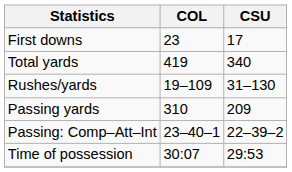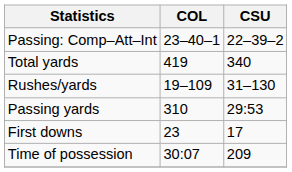 <table class="wikitable" style="float: left;">
 <tr>
 <th>Statistics</th>
 <th>COL</th>
 <th>CSU</th>
 </tr>
 <tr>
-<td>First downs</td>
-<td>23</td>
-<td>17</td>
+<td>Passing: Comp–Att–Int</td>
+<td>23–40–1</td>
+<td>22–39–2</td>
 </tr>
 <tr>
 <td>Total yards</td>
 <td>419</td>
 <td>340</td>
 </tr>
 <tr>
 <td>Rushes/yards</td>
 <td>19–109</td>
 <td>31–130</td>
 </tr>
 <tr>
 <td>Passing yards</td>
 <td>310</td>
-<td>209</td>
+<td>29:53</td>
 </tr>
 <tr>
-<td>Passing: Comp–Att–Int</td>
-<td>23–40–1</td>
-<td>22–39–2</td>
+<td>First downs</td>
+<td>23</td>
+<td>17</td>
 </tr>
 <tr>
 <td>Time of possession</td>
 <td>30:07</td>
-<td>29:53</td>
+<td>209</td>
 </tr>
 <tr>
 </tr>
 </table>
